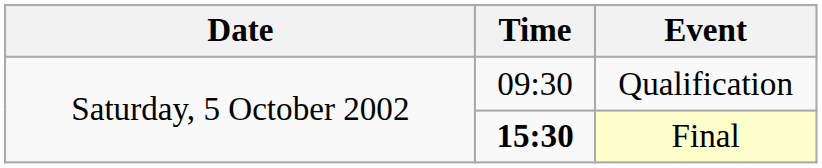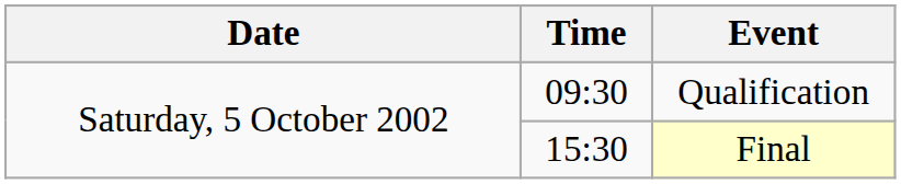 <table class = "wikitable" style="text-align:center;">
 <tr>
 <th width=220>Date</th>
 <th width=50>Time</th>
 <th width=100>Event</th>
 </tr>
 <tr>
 <td rowspan=2>Saturday, 5 October 2002</td>
 <td>09:30</td>
 <td>Qualification</td>
 </tr>
 <tr>
-<td><strong>15:30</strong></td>
+<td>15:30</td>
 <td bgcolor=ffffcc>Final</td>
 </tr>
 </table>
